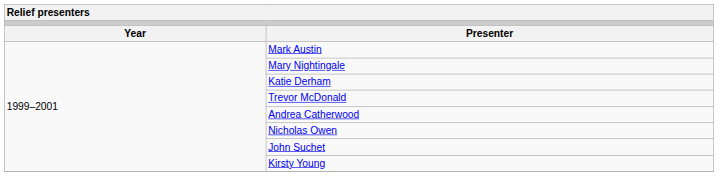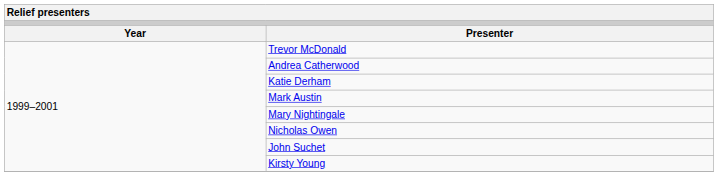 <table class="wikitable collapsible collapsed" style="width:70%;">
 <tr>
 <th colspan="2" style="text-align:left;">Relief presenters</th>
 </tr>
 <tr style="background:#ccc;">
 <td colspan="2"></td>
 </tr>
 <tr>
 <th>Year</th>
 <th>Presenter</th>
 </tr>
 <tr>
 <td rowspan=8>1999–2001</td>
-<td><a href='#'>Mark Austin</a></td>
+<td><a href='#'>Trevor McDonald</a></td>
 </tr>
 <tr>
-<td><a href='#'>Mary Nightingale</a></td>
+<td><a href='#'>Andrea Catherwood</a></td>
 </tr>
 <tr>
 <td><a href='#'>Katie Derham</a></td>
 </tr>
 <tr>
-<td><a href='#'>Trevor McDonald</a></td>
+<td><a href='#'>Mark Austin</a></td>
 </tr>
 <tr>
-<td><a href='#'>Andrea Catherwood</a></td>
+<td><a href='#'>Mary Nightingale</a></td>
 </tr>
 <tr>
 <td><a href='#'>Nicholas Owen</a></td>
 </tr>
 <tr>
 <td><a href='#'>John Suchet</a></td>
 </tr>
 <tr>
 <td><a href='#'>Kirsty Young</a></td>
 </tr>
 <tr>
 </tr>
 </table>
